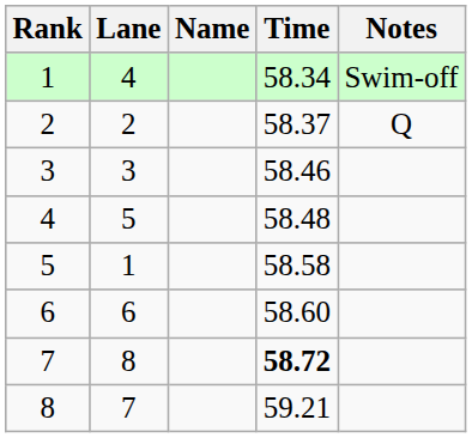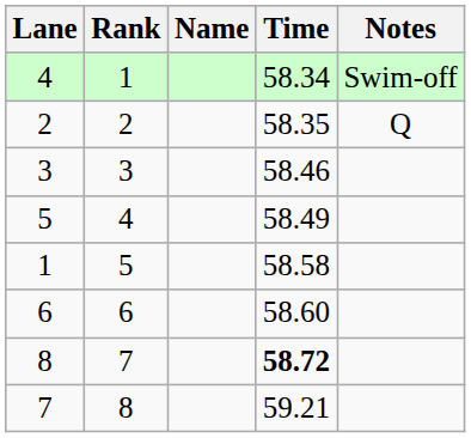 <table class="wikitable sortable" style="text-align:center">
 <tr>
+<th>Lane</th>
 <th>Rank</th>
-<th>Lane</th>
 <th>Name</th>
 <th>Time</th>
 <th>Notes</th>
 </tr>
 <tr bgcolor=ccffcc>
+<td>4</td>
 <td>1</td>
-<td>4</td>
 <td align=left></td>
 <td>58.34</td>
 <td>Swim-off</td>
 </tr>
 <tr>
 <td>2</td>
 <td>2</td>
 <td align=left></td>
-<td>58.37</td>
+<td>58.35</td>
 <td>Q</td>
 </tr>
 <tr>
 <td>3</td>
 <td>3</td>
 <td align=left></td>
 <td>58.46</td>
 <td></td>
 </tr>
 <tr>
+<td>5</td>
 <td>4</td>
-<td>5</td>
 <td align=left></td>
-<td>58.48</td>
+<td>58.49</td>
 <td></td>
 </tr>
 <tr>
+<td>1</td>
 <td>5</td>
-<td>1</td>
 <td align=left></td>
 <td>58.58</td>
 <td></td>
 </tr>
 <tr>
 <td>6</td>
 <td>6</td>
 <td align=left></td>
 <td>58.60</td>
 <td></td>
 </tr>
 <tr>
+<td>8</td>
 <td>7</td>
-<td>8</td>
 <td align=left></td>
 <td><strong>58.72</strong></td>
 <td></td>
 </tr>
 <tr>
+<td>7</td>
 <td>8</td>
-<td>7</td>
 <td align=left></td>
 <td>59.21</td>
 <td></td>
 </tr>
 </table>
